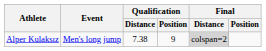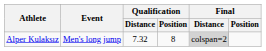 <table class=wikitable style="font-size:90%">
 <tr>
 <th rowspan="2">Athlete</th>
 <th rowspan="2">Event</th>
 <th colspan="2">Qualification</th>
 <th colspan="2">Final</th>
 </tr>
 <tr style="font-size:95%">
 <th>Distance</th>
 <th>Position</th>
 <th>Distance</th>
 <th>Position</th>
 </tr>
 <tr align=center>
 <td align=left><a href='#'>Alper Kulaksız</a></td>
 <td align=left><a href='#'>Men's long jump</a></td>
-<td>7.38</td>
-<td>9</td>
+<td>7.32</td>
+<td>8</td>
 <td style="background: lightgrey;">colspan=2 </td>
 </tr>
 </table>
